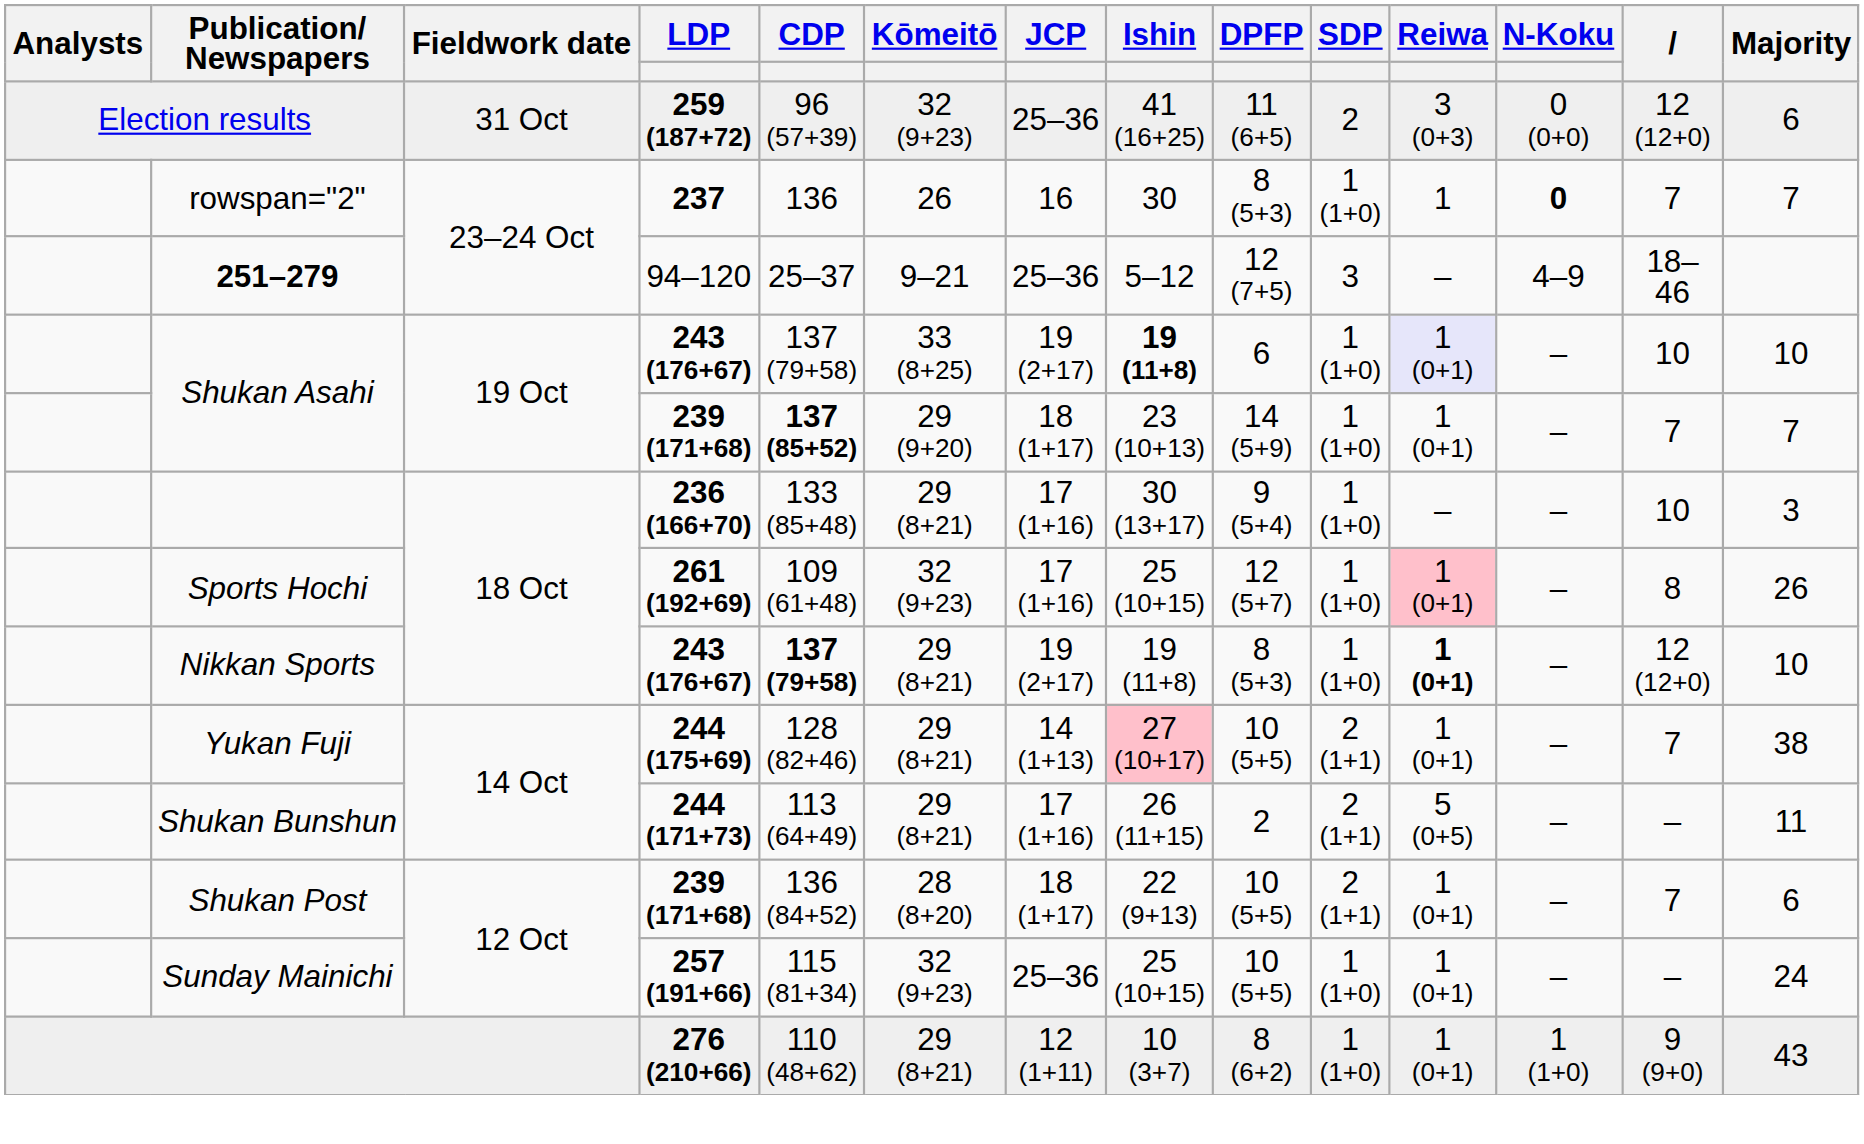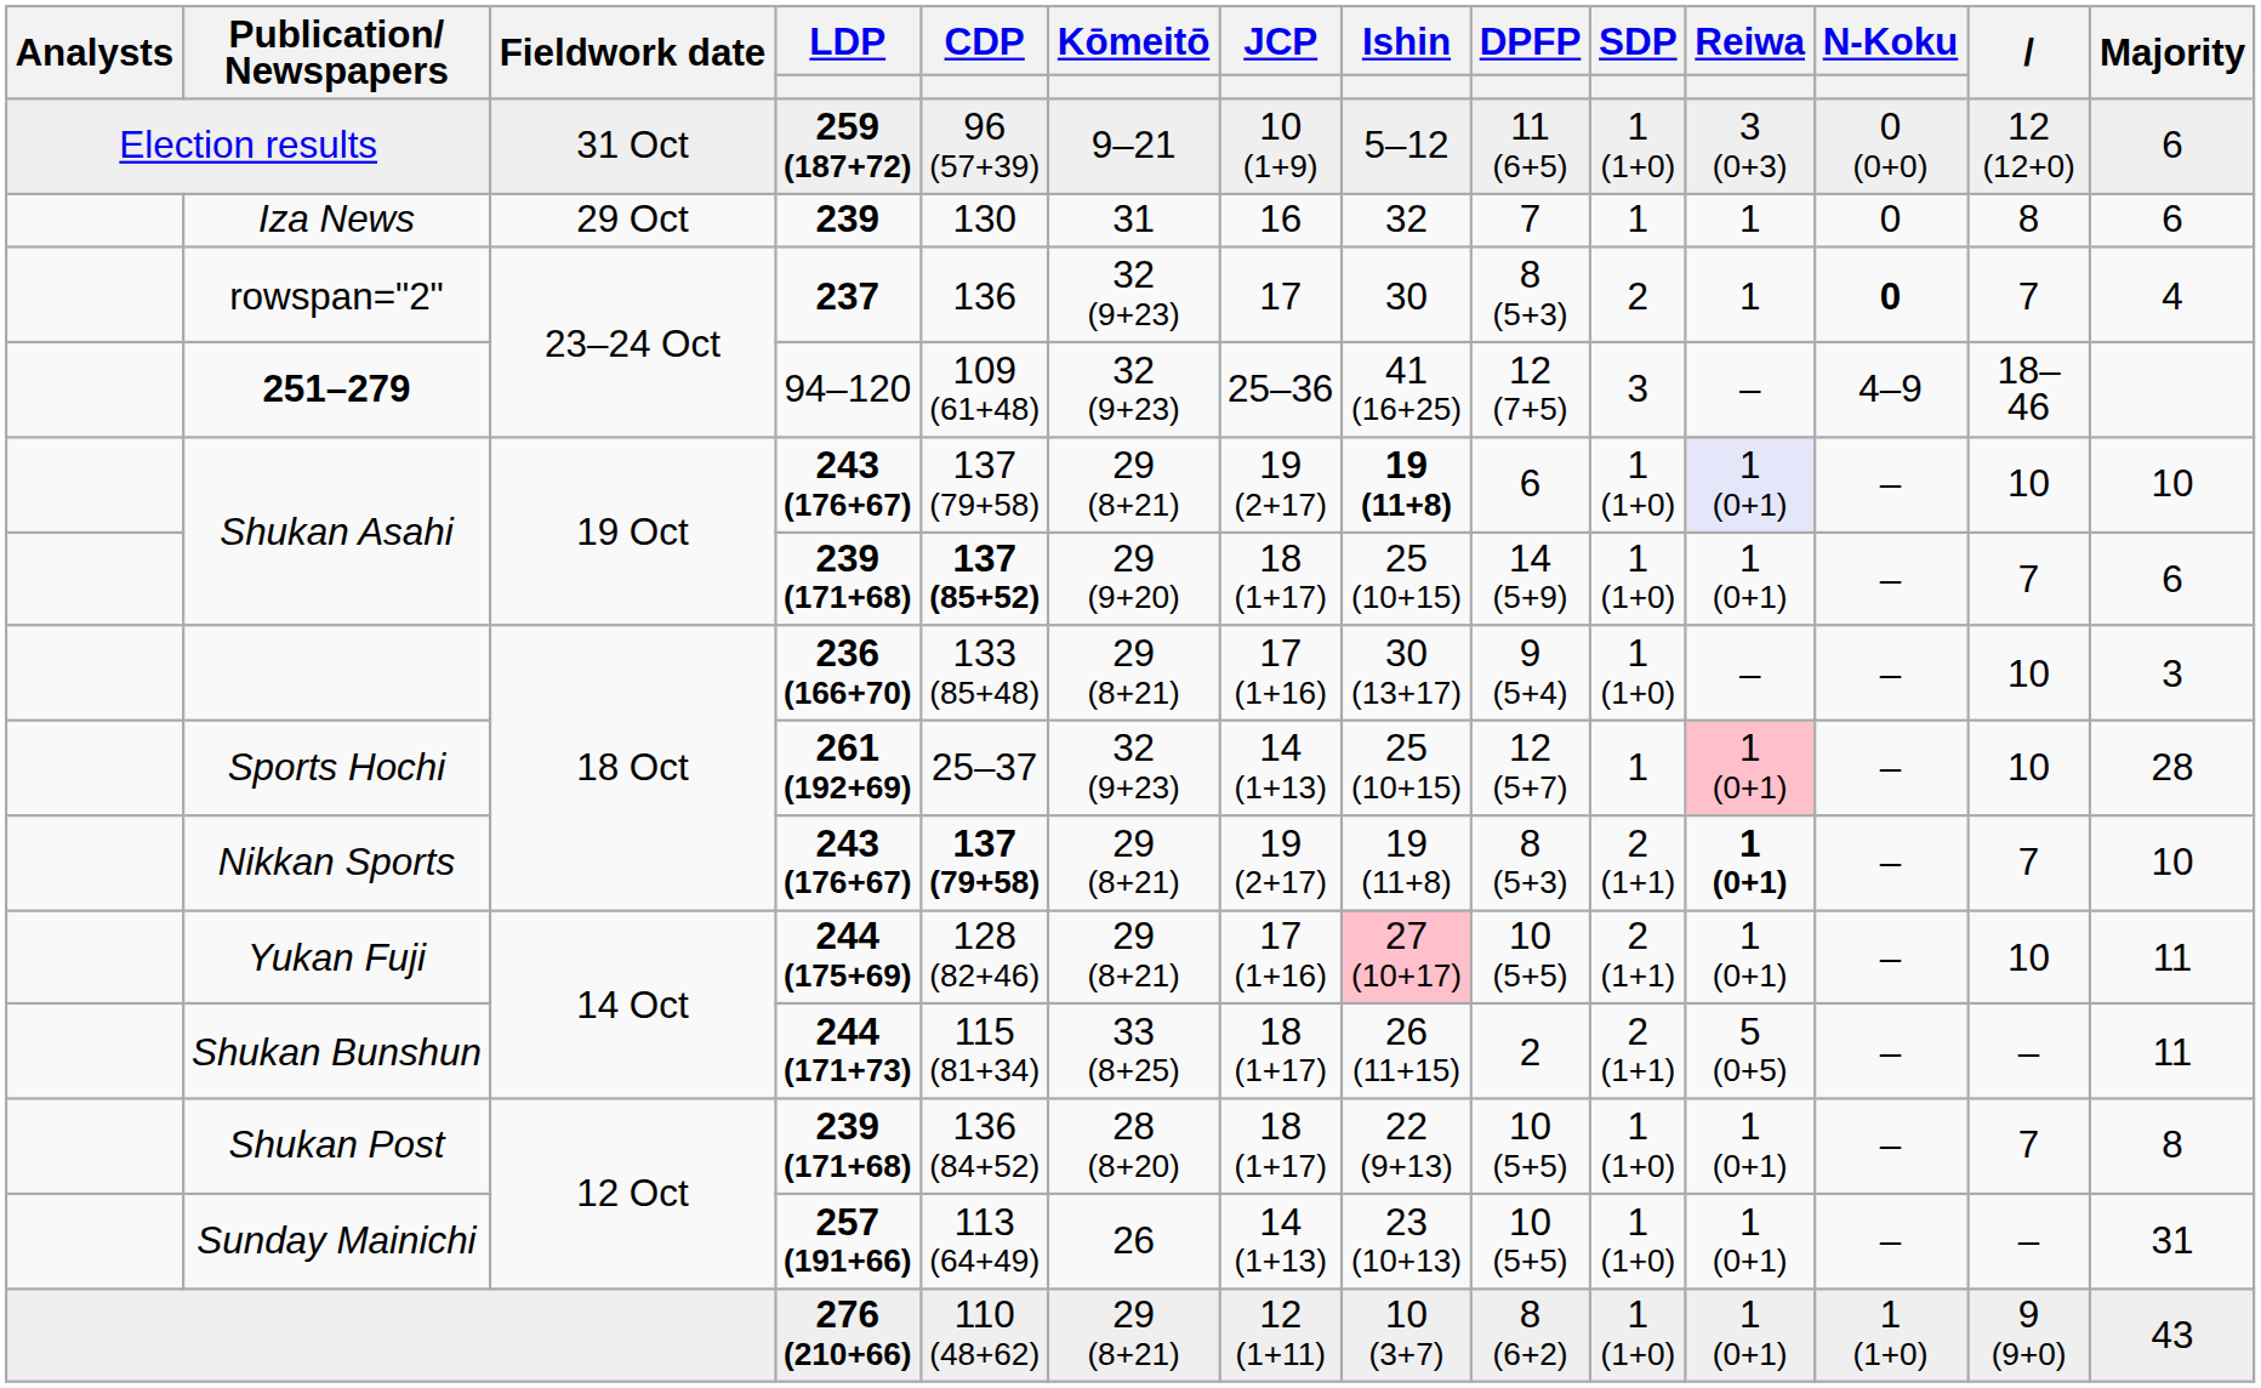 <table class="wikitable mw-datatable sortable mw-collapsible" style="text-align:center;font-size:90%;line-height:14px;">
 <tr>
 <th rowspan="2">Analysts</th>
 <th rowspan="2">Publication/<br>Newspapers</th>
 <th rowspan="2">Fieldwork date</th>
 <th class="unsortable" "style=width:40px;"><a href='#'>LDP</a></th>
 <th class="unsortable" "style=width:40px;"><a href='#'>CDP</a></th>
 <th class="unsortable" "style=width:40px;"><a href='#'>Kōmeitō</a></th>
 <th class="unsortable" "style=width:40px;"><a href='#'>JCP</a></th>
 <th class="unsortable" "style=width:40px;"><a href='#'>Ishin</a></th>
 <th class="unsortable" "style=width:40px;"><a href='#'>DPFP</a></th>
 <th class="unsortable" "style=width:40px;"><a href='#'>SDP</a></th>
 <th class="unsortable" "style=width:40px;"><a href='#'>Reiwa</a></th>
 <th class="unsortable" "style=width:40px;"><a href='#'>N-Koku</a></th>
 <th rowspan="2" class="unsortable" width="40px">/<br></th>
 <th rowspan="2">Majority</th>
 </tr>
 <tr>
 <th style="background: "></th>
 <th style="background: "></th>
 <th style="background: "></th>
 <th style="background: "></th>
 <th style="background: "></th>
 <th style="background: "></th>
 <th style="background: "></th>
 <th style="background: "></th>
 <th style="background: "></th>
 </tr>
 <tr style="background:#EFEFEF;">
 <td colspan="2"><a href='#'>Election results</a></td>
 <td>31 Oct</td>
 <td><strong>259</strong><br><small><strong>(187+72)</strong></small></td>
 <td>96<br><small>(57+39)</small></td>
-<td>32<br><small>(9+23)</small></td>
-<td>25–36</td>
-<td>41<br><small>(16+25)</small></td>
+<td>9–21</td>
+<td>10<br><small>(1+9)</small></td>
+<td>5–12</td>
 <td>11<br><small>(6+5)</small></td>
-<td>2</td>
+<td>1<br><small>(1+0)</small></td>
 <td>3<br><small>(0+3)</small></td>
 <td>0<br><small>(0+0)</small></td>
 <td>12<br><small>(12+0)</small></td>
+<td style="background: ">6</td>
+</tr>
+<tr>
+<td></td>
+<td><em>Iza News</em></td>
+<td>29 Oct</td>
+<td><strong>239</strong></td>
+<td>130</td>
+<td>31</td>
+<td>16</td>
+<td>32</td>
+<td>7</td>
+<td>1</td>
+<td>1</td>
+<td>0</td>
+<td>8</td>
 <td style="background: ">6</td>
 </tr>
 <tr>
 <td></td>
 <td>rowspan="2" </td>
 <td rowspan="2">23–24 Oct</td>
 <td><strong>237</strong></td>
 <td>136</td>
-<td>26</td>
-<td>16</td>
+<td>32<br><small>(9+23)</small></td>
+<td>17</td>
 <td>30</td>
 <td>8<br><small>(5+3)</small></td>
-<td>1<br><small>(1+0)</small></td>
+<td>2</td>
 <td>1</td>
 <td><strong>0</strong></td>
 <td>7</td>
-<td style="background: ">7</td>
+<td style="background: ">4</td>
 </tr>
 <tr>
 <td></td>
 <td><strong>251–279</strong></td>
 <td>94–120</td>
-<td>25–37</td>
-<td>9–21</td>
+<td>109<br><small>(61+48)</small></td>
+<td>32<br><small>(9+23)</small></td>
 <td>25–36</td>
-<td>5–12</td>
+<td>41<br><small>(16+25)</small></td>
 <td>12<br><small>(7+5)</small></td>
 <td>3</td>
 <td>–</td>
 <td>4–9</td>
 <td style="background: ">18–46</td>
 </tr>
 <tr>
 <td></td>
 <td rowspan="2"><em>Shukan Asahi</em></td>
 <td rowspan="2">19 Oct</td>
 <td><strong>243</strong><br><small><strong>(176+67)</strong></small></td>
 <td>137<br><small>(79+58)</small></td>
-<td>33<br><small>(8+25)</small></td>
+<td>29<br><small>(8+21)</small></td>
 <td>19<br><small>(2+17)</small></td>
 <td><strong>19<br><small>(11+8)</small></strong></td>
 <td>6</td>
 <td>1<br><small>(1+0)</small></td>
 <td style="background: lavender;">1<br><small>(0+1)</small></td>
 <td>–</td>
 <td>10</td>
 <td style="background:">10</td>
 </tr>
 <tr>
 <td></td>
 <td><strong>239</strong><br><small><strong>(171+68)</strong></small></td>
 <td><strong>137<br><small>(85+52)</small></strong></td>
 <td>29<br><small>(9+20)</small></td>
 <td>18<br><small>(1+17)</small></td>
-<td>23<br><small>(10+13)</small></td>
+<td>25<br><small>(10+15)</small></td>
 <td>14<br><small>(5+9)</small></td>
 <td>1<br><small>(1+0)</small></td>
 <td>1<br><small>(0+1)</small></td>
 <td>–</td>
 <td>7</td>
-<td style="background: ">7</td>
+<td style="background: ">6</td>
 </tr>
 <tr>
 <td></td>
 <td></td>
 <td rowspan="3">18 Oct</td>
 <td><strong>236</strong><br><small><strong>(166+70)</strong></small></td>
 <td>133<br><small>(85+48)</small></td>
 <td>29<br><small>(8+21)</small></td>
 <td>17<br><small>(1+16)</small></td>
 <td>30<br><small>(13+17)</small></td>
 <td>9<br><small>(5+4)</small></td>
 <td>1<br><small>(1+0)</small></td>
 <td>–</td>
 <td>–</td>
 <td>10</td>
 <td style="background: ">3</td>
 </tr>
 <tr>
 <td></td>
 <td><em>Sports Hochi</em></td>
 <td><strong>261</strong><br><small><strong>(192+69)</strong></small></td>
-<td>109<br><small>(61+48)</small></td>
+<td>25–37</td>
 <td>32<br><small>(9+23)</small></td>
-<td>17<br><small>(1+16)</small></td>
+<td>14<br><small>(1+13)</small></td>
 <td>25<br><small>(10+15)</small></td>
 <td>12<br><small>(5+7)</small></td>
-<td>1<br><small>(1+0)</small></td>
+<td>1</td>
 <td style="background: pink;">1<br><small>(0+1)</small></td>
 <td>–</td>
-<td>8</td>
-<td style="background: ">26</td>
+<td>10</td>
+<td style="background: ">28</td>
 </tr>
 <tr>
 <td> </td>
 <td><em>Nikkan Sports</em></td>
 <td><strong>243</strong><br><small><strong>(176+67)</strong></small></td>
 <td><strong>137<br><small>(79+58)</small></strong></td>
 <td>29<br><small>(8+21)</small></td>
 <td>19<br><small>(2+17)</small></td>
 <td>19<br><small>(11+8)</small></td>
 <td>8<br><small>(5+3)</small></td>
-<td>1<br><small>(1+0)</small></td>
+<td>2<br><small>(1+1)</small></td>
 <td><strong>1<br><small>(0+1)</small></strong></td>
 <td>–</td>
-<td>12<br><small>(12+0)</small></td>
+<td>7</td>
 <td style="background: ">10</td>
 </tr>
 <tr>
 <td> </td>
 <td><em>Yukan Fuji</em></td>
 <td rowspan="2">14 Oct</td>
 <td><strong>244</strong><br><small><strong>(175+69)</strong></small></td>
 <td>128<br><small>(82+46)</small></td>
 <td>29<br><small>(8+21)</small></td>
-<td>14<br><small>(1+13)</small></td>
+<td>17<br><small>(1+16)</small></td>
 <td style="background: pink;">27<br><small>(10+17)</small></td>
 <td>10<br><small>(5+5)</small></td>
 <td>2<br><small>(1+1)</small></td>
 <td>1<br><small>(0+1)</small></td>
 <td>–</td>
-<td>7</td>
-<td style="background: ">38</td>
+<td>10</td>
+<td style="background: ">11</td>
 </tr>
 <tr>
 <td></td>
 <td><em>Shukan Bunshun</em></td>
 <td><strong>244</strong><br><small><strong>(171+73)</strong></small></td>
-<td>113<br><small>(64+49)</small></td>
-<td>29<br><small>(8+21)</small></td>
-<td>17<br><small>(1+16)</small></td>
+<td>115<br><small>(81+34)</small></td>
+<td>33<br><small>(8+25)</small></td>
+<td>18<br><small>(1+17)</small></td>
 <td>26<br><small>(11+15)</small></td>
 <td>2</td>
 <td>2<br><small>(1+1)</small></td>
 <td>5<br><small>(0+5)</small></td>
 <td>–</td>
 <td>–</td>
 <td style="background: ">11</td>
 </tr>
 <tr>
 <td> </td>
 <td><em>Shukan Post</em></td>
 <td rowspan="2">12 Oct</td>
 <td><strong>239</strong><br><small><strong>(171+68)</strong></small></td>
 <td>136<br><small>(84+52)</small></td>
 <td>28<br><small>(8+20)</small></td>
 <td>18<br><small>(1+17)</small></td>
 <td>22<br><small>(9+13)</small></td>
 <td>10<br><small>(5+5)</small></td>
-<td>2<br><small>(1+1)</small></td>
+<td>1<br><small>(1+0)</small></td>
 <td>1<br><small>(0+1)</small></td>
 <td>–</td>
 <td>7</td>
-<td style="background: ">6</td>
+<td style="background: ">8</td>
 </tr>
 <tr>
 <td></td>
 <td><em>Sunday Mainichi</em></td>
 <td><strong>257</strong><br><small><strong>(191+66)</strong></small></td>
-<td>115<br><small>(81+34)</small></td>
-<td>32<br><small>(9+23)</small></td>
-<td>25–36</td>
-<td>25<br><small>(10+15)</small></td>
+<td>113<br><small>(64+49)</small></td>
+<td>26</td>
+<td>14<br><small>(1+13)</small></td>
+<td>23<br><small>(10+13)</small></td>
 <td>10<br><small>(5+5)</small></td>
 <td>1<br><small>(1+0)</small></td>
 <td>1<br><small>(0+1)</small></td>
 <td>–</td>
 <td>–</td>
-<td style="background: ">24</td>
+<td style="background: ">31</td>
 </tr>
 <tr style="background:#EFEFEF;">
 <td colspan="3"></td>
 <td><strong>276</strong><br><small><strong>(210+66)</strong></small></td>
 <td>110<br><small>(48+62)</small></td>
 <td>29<br><small>(8+21)</small></td>
 <td>12<br><small>(1+11)</small></td>
 <td>10<br><small>(3+7)</small></td>
 <td>8<br><small>(6+2)</small></td>
 <td>1<br><small>(1+0)</small></td>
 <td>1<br><small>(0+1)</small></td>
 <td>1<br><small>(1+0)</small></td>
 <td>9<br><small>(9+0)</small></td>
 <td style="background: ">43</td>
 </tr>
 </table>
